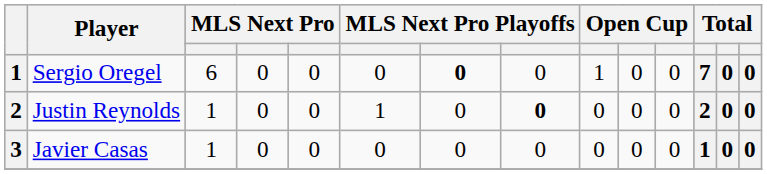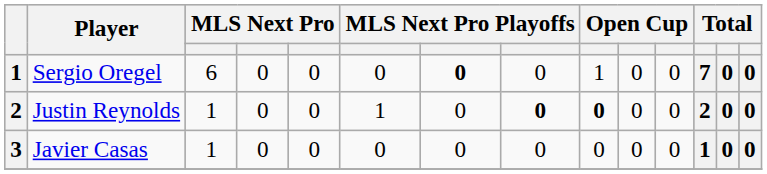 <table class="wikitable sortable" style="text-align:center; font-size:90%">
 <tr>
 <th rowspan="2"></th>
 <th rowspan="2">Player</th>
 <th colspan="3">MLS Next Pro</th>
 <th colspan="3">MLS Next Pro Playoffs</th>
 <th colspan="3">Open Cup</th>
 <th colspan="3">Total</th>
 </tr>
 <tr>
 <th></th>
 <th></th>
 <th></th>
 <th></th>
 <th></th>
 <th></th>
 <th></th>
 <th></th>
 <th></th>
 <th></th>
 <th></th>
 <th></th>
 </tr>
 <tr>
 <th>1</th>
 <td style="text-align:left;" data-sort-value="Oregel, Sergio"> <a href='#'>Sergio Oregel</a><br></td>
 <td>6</td>
 <td>0</td>
 <td>0<br></td>
 <td>0</td>
 <td><strong>0</strong></td>
 <td>0<br></td>
 <td>1</td>
 <td>0</td>
 <td>0<br></td>
 <th>7</th>
 <th>0</th>
 <th>0</th>
 </tr>
 <tr>
 <th>2</th>
 <td style="text-align:left;" data-sort-value="Reynolds, Justin"> <a href='#'>Justin Reynolds</a><br></td>
 <td>1</td>
 <td>0</td>
 <td>0<br></td>
 <td>1</td>
 <td>0</td>
 <td><strong>0<br></strong></td>
-<td>0</td>
+<td><strong>0</strong></td>
 <td>0</td>
 <td>0<br></td>
 <th>2</th>
 <th>0</th>
 <th>0</th>
 </tr>
 <tr>
 <th>3</th>
 <td style="text-align:left;" data-sort-value="Casas, Javier"> <a href='#'>Javier Casas</a><br></td>
 <td>1</td>
 <td>0</td>
 <td>0<br></td>
 <td>0</td>
 <td>0</td>
 <td>0<br></td>
 <td>0</td>
 <td>0</td>
 <td>0<br></td>
 <th>1</th>
 <th>0</th>
 <th>0</th>
 </tr>
 <tr>
 </tr>
 </table>
